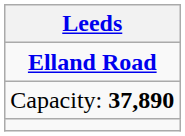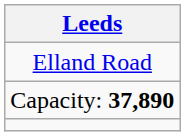 <table class="wikitable" style="text-align:center">
 <tr>
 <th><a href='#'>Leeds</a></th>
 </tr>
 <tr>
-<td><strong><a href='#'>Elland Road</a></strong></td>
+<td><a href='#'>Elland Road</a></td>
 </tr>
 <tr>
 <td>Capacity: <strong>37,890</strong></td>
 </tr>
 <tr>
 <td></td>
 </tr>
 </table>
